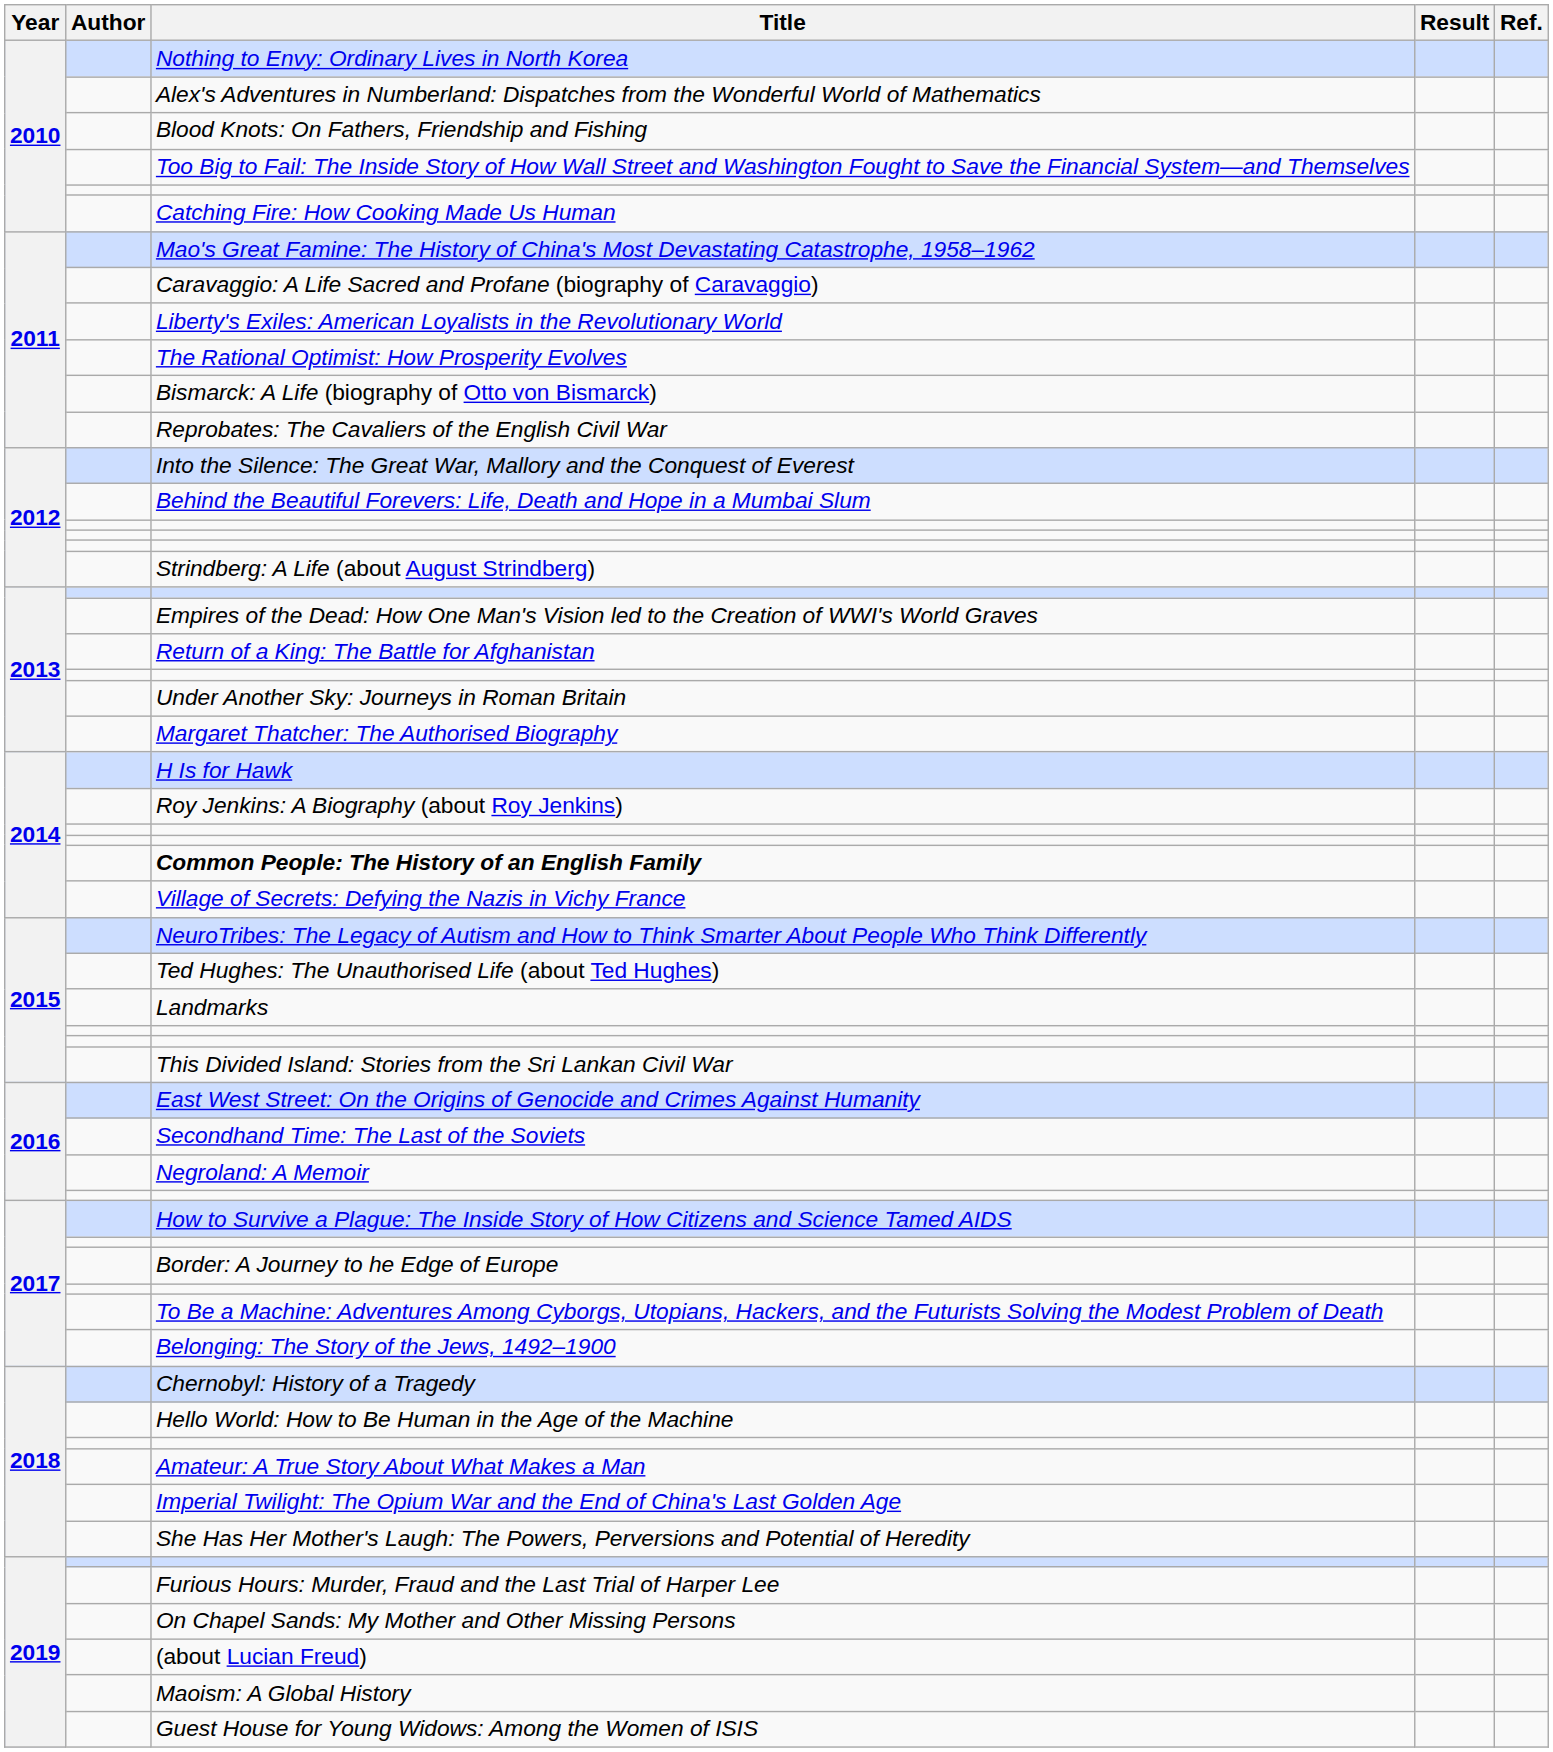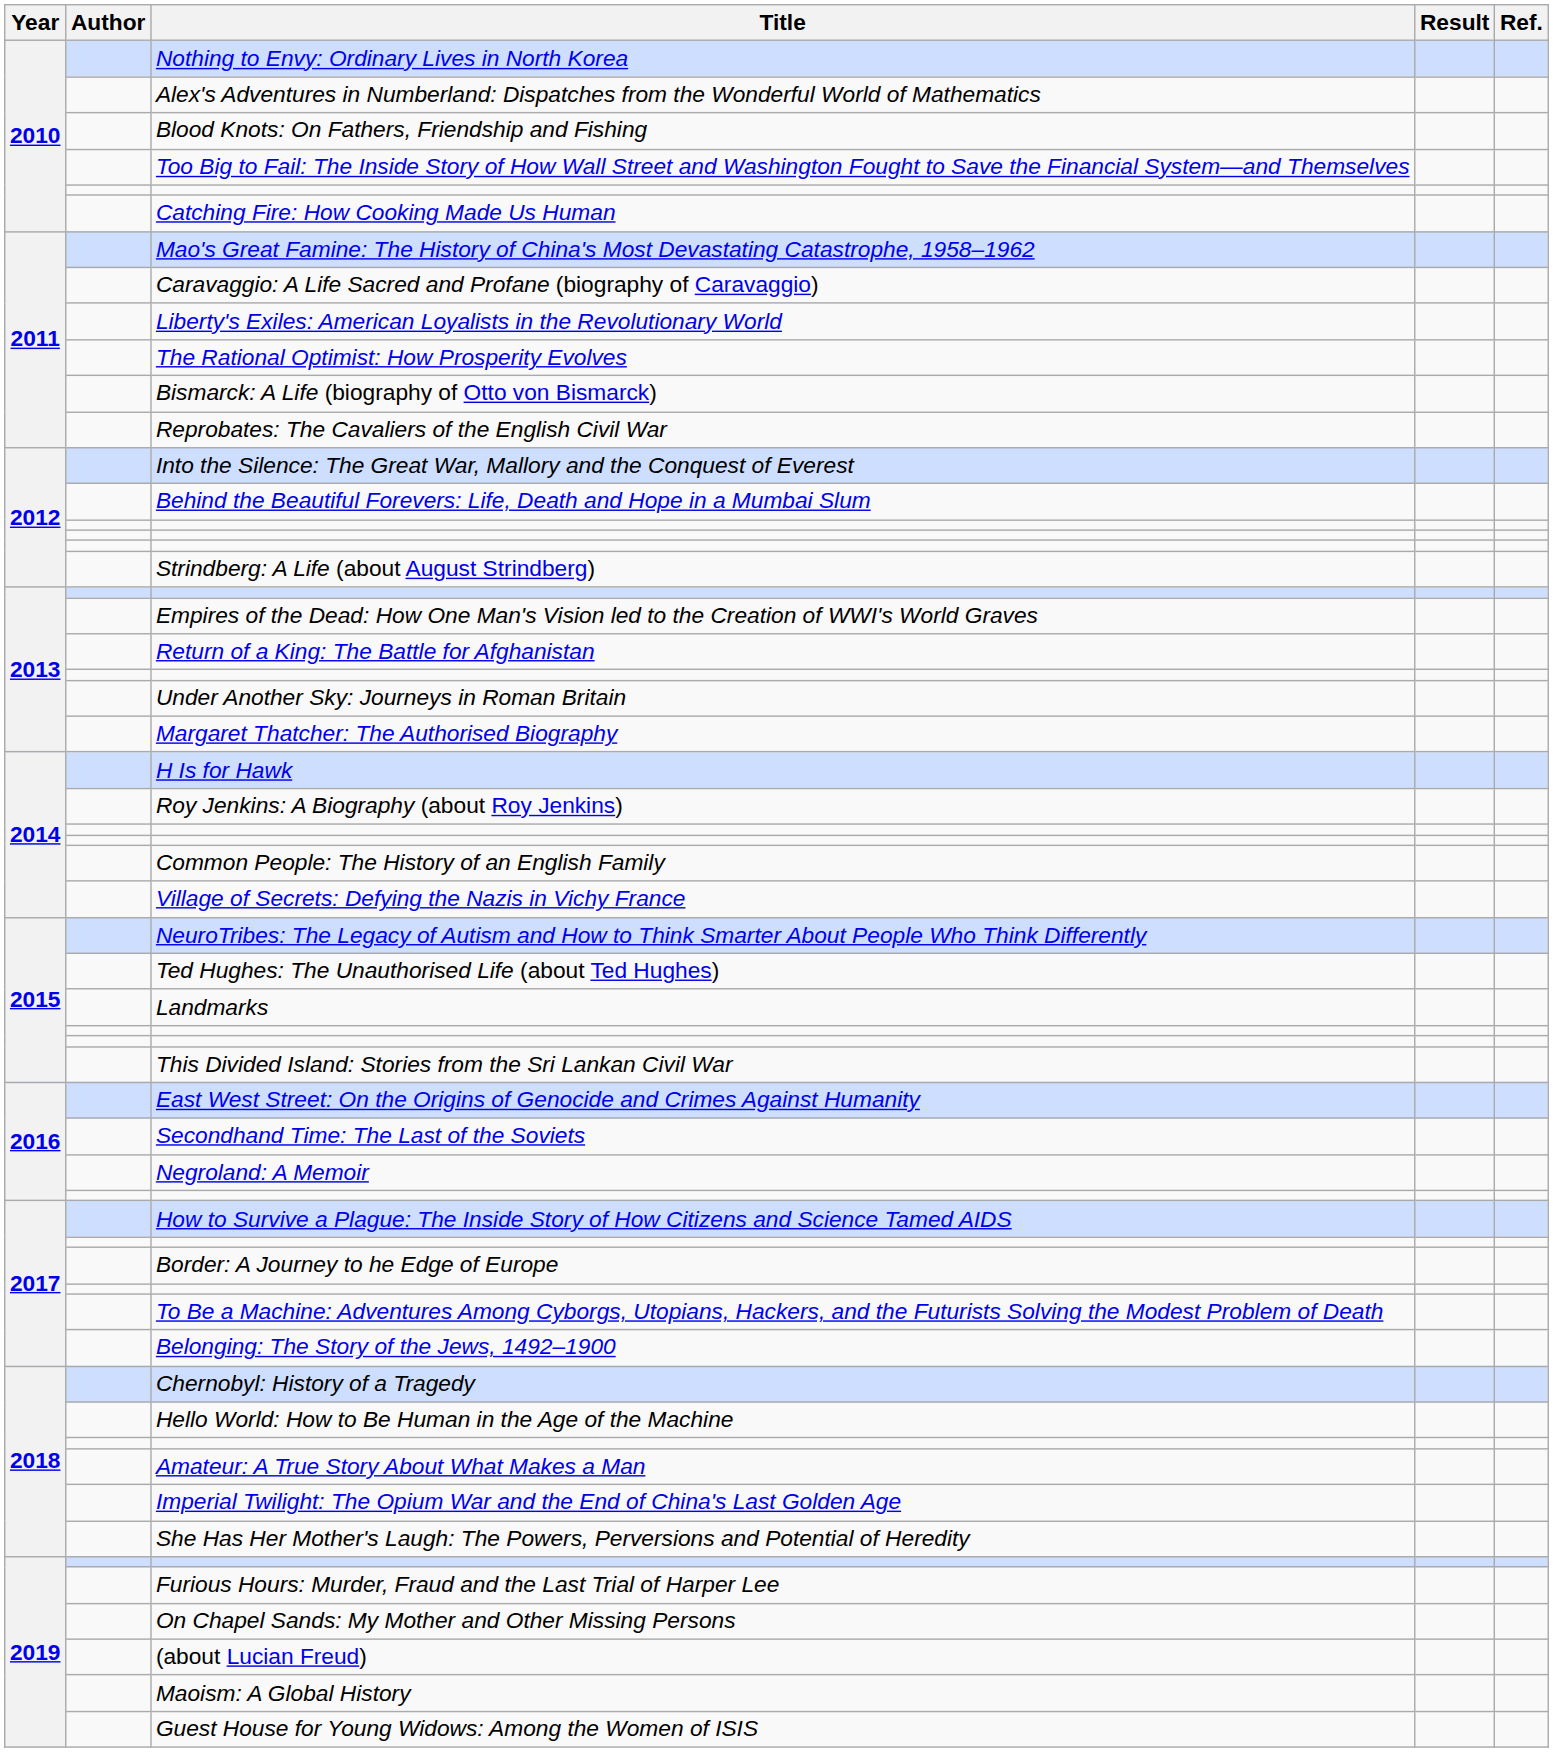 <table class="wikitable sortable mw-collapsible">
 <tr>
 <th>Year</th>
 <th>Author</th>
 <th>Title</th>
 <th>Result</th>
 <th>Ref.</th>
 </tr>
 <tr style="background:#cddeff">
 <th rowspan="6"><a href='#'>2010</a></th>
 <td></td>
 <td><em><a href='#'>Nothing to Envy: Ordinary Lives in North Korea</a></em></td>
 <td></td>
 <td></td>
 </tr>
 <tr>
 <td></td>
 <td><em>Alex's Adventures in Numberland: Dispatches from the Wonderful World of Mathematics</em></td>
 <td></td>
 <td></td>
 </tr>
 <tr>
 <td></td>
 <td><em>Blood Knots: On Fathers, Friendship and Fishing</em></td>
 <td></td>
 <td></td>
 </tr>
 <tr>
 <td></td>
 <td><em><a href='#'>Too Big to Fail: The Inside Story of How Wall Street and Washington Fought to Save the Financial System—and Themselves</a></em></td>
 <td></td>
 <td></td>
 </tr>
 <tr>
 <td></td>
 <td><em></em></td>
 <td></td>
 <td></td>
 </tr>
 <tr>
 <td></td>
 <td><em><a href='#'>Catching Fire: How Cooking Made Us Human</a></em></td>
 <td></td>
 <td></td>
 </tr>
 <tr style="background:#cddeff">
 <th rowspan="6"><a href='#'>2011</a></th>
 <td></td>
 <td><em><a href='#'>Mao's Great Famine: The History of China's Most Devastating Catastrophe, 1958–1962</a></em></td>
 <td></td>
 <td></td>
 </tr>
 <tr>
 <td></td>
 <td><em>Caravaggio: A Life Sacred and Profane</em> (biography of <a href='#'>Caravaggio</a>)</td>
 <td></td>
 <td></td>
 </tr>
 <tr>
 <td></td>
 <td><em><a href='#'>Liberty's Exiles: American Loyalists in the Revolutionary World</a></em></td>
 <td></td>
 <td></td>
 </tr>
 <tr>
 <td></td>
 <td><em><a href='#'>The Rational Optimist: How Prosperity Evolves</a></em></td>
 <td></td>
 <td></td>
 </tr>
 <tr>
 <td></td>
 <td><em>Bismarck: A Life</em> (biography of <a href='#'>Otto von Bismarck</a>)</td>
 <td></td>
 <td></td>
 </tr>
 <tr>
 <td></td>
 <td><em>Reprobates: The Cavaliers of the English Civil War</em></td>
 <td></td>
 <td></td>
 </tr>
 <tr style="background:#cddeff">
 <th rowspan="6"><a href='#'>2012</a></th>
 <td></td>
 <td><em>Into the Silence: The Great War, Mallory and the Conquest of Everest</em></td>
 <td></td>
 <td></td>
 </tr>
 <tr>
 <td></td>
 <td><em><a href='#'>Behind the Beautiful Forevers: Life, Death and Hope in a Mumbai Slum</a></em></td>
 <td></td>
 <td></td>
 </tr>
 <tr>
 <td></td>
 <td><em></em></td>
 <td></td>
 <td></td>
 </tr>
 <tr>
 <td></td>
 <td><em></em></td>
 <td></td>
 <td></td>
 </tr>
 <tr>
 <td></td>
 <td><em></em></td>
 <td></td>
 <td></td>
 </tr>
 <tr>
 <td></td>
 <td><em>Strindberg: A Life</em> (about <a href='#'>August Strindberg</a>)</td>
 <td></td>
 <td></td>
 </tr>
 <tr style="background:#cddeff">
 <th rowspan="6"><a href='#'>2013</a></th>
 <td></td>
 <td><em></em></td>
 <td></td>
 <td></td>
 </tr>
 <tr>
 <td></td>
 <td><em>Empires of the Dead: How One Man's Vision led to the Creation of WWI's World Graves</em></td>
 <td></td>
 <td></td>
 </tr>
 <tr>
 <td></td>
 <td><em><a href='#'>Return of a King: The Battle for Afghanistan</a></em></td>
 <td></td>
 <td></td>
 </tr>
 <tr>
 <td></td>
 <td><em></em></td>
 <td></td>
 <td></td>
 </tr>
 <tr>
 <td></td>
 <td><em>Under Another Sky: Journeys in Roman Britain</em></td>
 <td></td>
 <td></td>
 </tr>
 <tr>
 <td></td>
 <td><em><a href='#'>Margaret Thatcher: The Authorised Biography</a></em></td>
 <td></td>
 <td></td>
 </tr>
 <tr style="background:#cddeff">
 <th rowspan="6"><a href='#'>2014</a></th>
 <td></td>
 <td><em><a href='#'>H Is for Hawk</a></em></td>
 <td></td>
 <td></td>
 </tr>
 <tr>
 <td></td>
 <td><em>Roy Jenkins: A Biography</em> (about <a href='#'>Roy Jenkins</a>)</td>
 <td></td>
 <td></td>
 </tr>
 <tr>
 <td></td>
 <td><em></em></td>
 <td></td>
 <td></td>
 </tr>
 <tr>
 <td></td>
 <td><em></em></td>
 <td></td>
 <td></td>
 </tr>
 <tr>
 <td></td>
-<td><strong><em>Common People: The History of an English Family</em></strong></td>
+<td><em>Common People: The History of an English Family</em></td>
 <td></td>
 <td></td>
 </tr>
 <tr>
 <td></td>
 <td><em><a href='#'>Village of Secrets: Defying the Nazis in Vichy France</a></em></td>
 <td></td>
 <td></td>
 </tr>
 <tr style="background:#cddeff">
 <th rowspan="6"><a href='#'>2015</a></th>
 <td></td>
 <td><em><a href='#'>NeuroTribes: The Legacy of Autism and How to Think Smarter About People Who Think Differently</a></em></td>
 <td></td>
 <td></td>
 </tr>
 <tr>
 <td></td>
 <td><em>Ted Hughes: The Unauthorised Life</em> (about <a href='#'>Ted Hughes</a>)</td>
 <td></td>
 <td></td>
 </tr>
 <tr>
 <td></td>
 <td><em>Landmarks</em></td>
 <td></td>
 <td></td>
 </tr>
 <tr>
 <td></td>
 <td><em></em></td>
 <td></td>
 <td></td>
 </tr>
 <tr>
 <td></td>
 <td><em></em></td>
 <td></td>
 <td></td>
 </tr>
 <tr>
 <td></td>
 <td><em>This Divided Island: Stories from the Sri Lankan Civil War</em></td>
 <td></td>
 <td></td>
 </tr>
 <tr style="background:#cddeff">
 <th rowspan="4"><a href='#'>2016</a></th>
 <td></td>
 <td><em><a href='#'>East West Street: On the Origins of Genocide and Crimes Against Humanity</a></em></td>
 <td></td>
 <td></td>
 </tr>
 <tr>
 <td></td>
 <td><em><a href='#'>Secondhand Time: The Last of the Soviets</a></em></td>
 <td></td>
 <td></td>
 </tr>
 <tr>
 <td></td>
 <td><em><a href='#'>Negroland: A Memoir</a></em></td>
 <td></td>
 <td></td>
 </tr>
 <tr>
 <td></td>
 <td><em></em></td>
 <td></td>
 <td></td>
 </tr>
 <tr style="background:#cddeff">
 <th rowspan="6"><a href='#'>2017</a></th>
 <td></td>
 <td><em><a href='#'>How to Survive a Plague: The Inside Story of How Citizens and Science Tamed AIDS</a></em></td>
 <td></td>
 <td></td>
 </tr>
 <tr>
 <td></td>
 <td><em></em></td>
 <td></td>
 <td></td>
 </tr>
 <tr>
 <td></td>
 <td><em>Border: A Journey to he Edge of Europe</em></td>
 <td></td>
 <td></td>
 </tr>
 <tr>
 <td></td>
 <td><em></em></td>
 <td></td>
 <td></td>
 </tr>
 <tr>
 <td></td>
 <td><em><a href='#'>To Be a Machine: Adventures Among Cyborgs, Utopians, Hackers, and the Futurists Solving the Modest Problem of Death</a></em></td>
 <td></td>
 <td></td>
 </tr>
 <tr>
 <td></td>
 <td><em><a href='#'>Belonging: The Story of the Jews, 1492–1900</a></em></td>
 <td></td>
 <td></td>
 </tr>
 <tr style="background:#cddeff">
 <th rowspan="6"><a href='#'>2018</a></th>
 <td></td>
 <td><em>Chernobyl: History of a Tragedy</em></td>
 <td></td>
 <td></td>
 </tr>
 <tr>
 <td></td>
 <td><em>Hello World: How to Be Human in the Age of the Machine</em></td>
 <td></td>
 <td></td>
 </tr>
 <tr>
 <td></td>
 <td><em></em></td>
 <td></td>
 <td></td>
 </tr>
 <tr>
 <td></td>
 <td><em><a href='#'>Amateur: A True Story About What Makes a Man</a></em></td>
 <td></td>
 <td></td>
 </tr>
 <tr>
 <td></td>
 <td><em><a href='#'>Imperial Twilight: The Opium War and the End of China's Last Golden Age</a></em></td>
 <td></td>
 <td></td>
 </tr>
 <tr>
 <td></td>
 <td><em>She Has Her Mother's Laugh: The Powers, Perversions and Potential of Heredity</em></td>
 <td></td>
 <td></td>
 </tr>
 <tr style="background:#cddeff">
 <th rowspan="6"><a href='#'>2019</a></th>
 <td></td>
 <td><em></em></td>
 <td></td>
 <td></td>
 </tr>
 <tr>
 <td></td>
 <td><em>Furious Hours: Murder, Fraud and the Last Trial of Harper Lee</em></td>
 <td></td>
 <td></td>
 </tr>
 <tr>
 <td></td>
 <td><em>On Chapel Sands: My Mother and Other Missing Persons</em></td>
 <td></td>
 <td></td>
 </tr>
 <tr>
 <td></td>
 <td><em></em> (about <a href='#'>Lucian Freud</a>)</td>
 <td></td>
 <td></td>
 </tr>
 <tr>
 <td></td>
 <td><em>Maoism: A Global History</em></td>
 <td></td>
 <td></td>
 </tr>
 <tr>
 <td></td>
 <td><em>Guest House for Young Widows: Among the Women of ISIS</em></td>
 <td></td>
 <td></td>
 </tr>
 </table>
